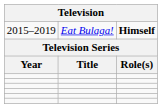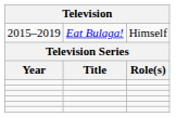 <table class="wikitable">
 <tr>
 <th colspan = 4>Television</th>
 </tr>
 <tr>
 <td rowspan= "1">2015–2019</td>
 <td><em><a href='#'>Eat Bulaga!</a></em></td>
-<td><strong>Himself</strong></td>
+<td>Himself</td>
 </tr>
 <tr>
 <th colspan = 4>Television Series</th>
 </tr>
 <tr>
 <th>Year</th>
 <th>Title</th>
 <th>Role(s)</th>
 </tr>
 <tr>
 <td></td>
 <td></td>
 <td></td>
 </tr>
 <tr>
 <td></td>
 <td></td>
 <td></td>
 </tr>
 <tr>
 <td></td>
 <td></td>
 <td></td>
 </tr>
 <tr>
 <td></td>
 <td></td>
 <td></td>
 </tr>
 <tr>
 <td></td>
 <td></td>
 <td></td>
 </tr>
 <tr>
 <td></td>
 <td></td>
 <td></td>
 </tr>
 </table>
